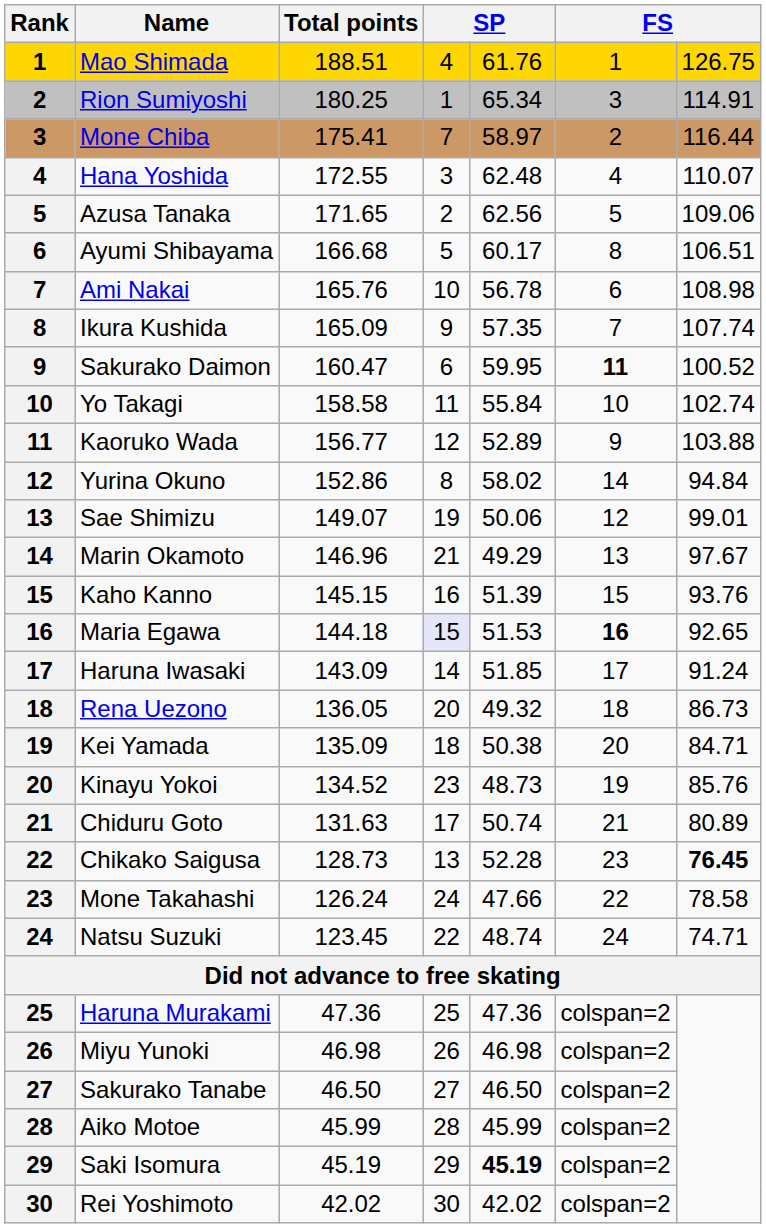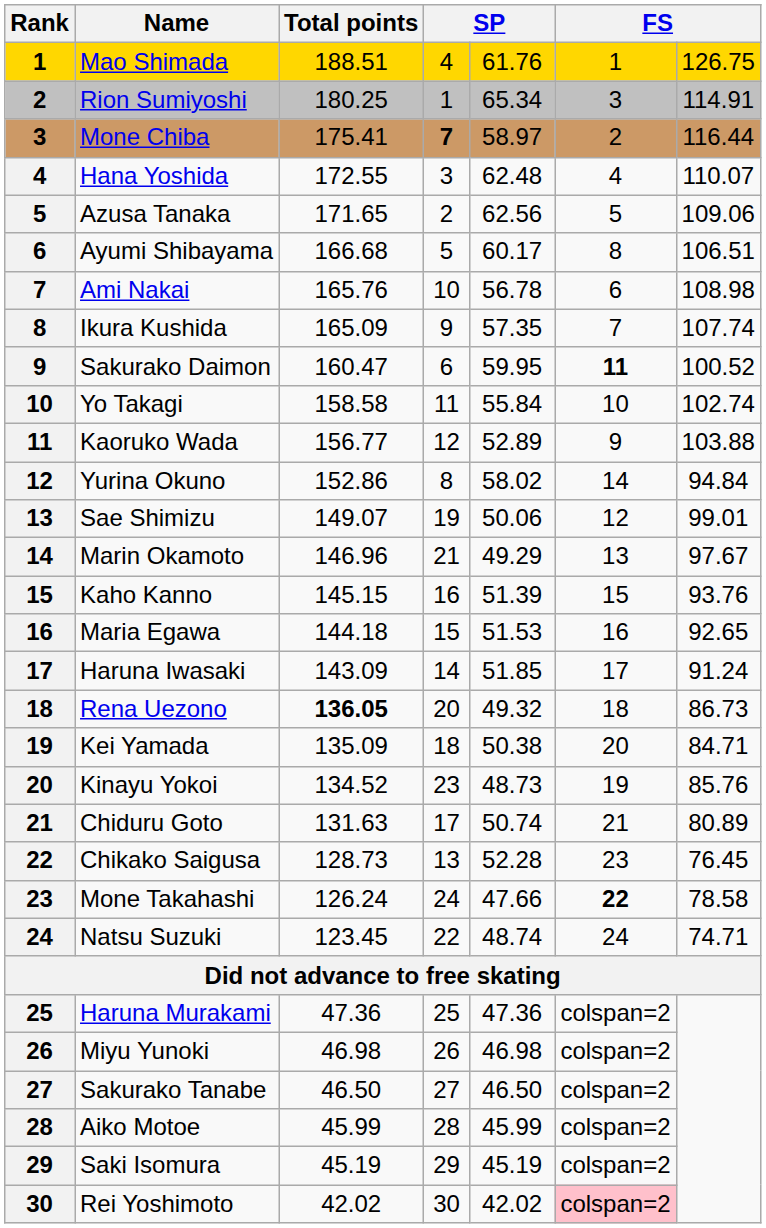 <table class="wikitable sortable">
 <tr>
 <th>Rank</th>
 <th>Name</th>
 <th>Total points</th>
 <th colspan="2" width="80px"><a href='#'>SP</a></th>
 <th colspan="2" width="80px"><a href='#'>FS</a></th>
 </tr>
 <tr bgcolor="gold">
 <td align="center"><strong>1</strong></td>
 <td><a href='#'>Mao Shimada</a></td>
 <td align="center">188.51</td>
 <td align="center">4</td>
 <td align="center">61.76</td>
 <td align="center">1</td>
 <td align="center">126.75</td>
 </tr>
 <tr bgcolor="silver">
 <td align="center"><strong>2</strong></td>
 <td><a href='#'>Rion Sumiyoshi</a></td>
 <td align="center">180.25</td>
 <td align="center">1</td>
 <td align="center">65.34</td>
 <td align="center">3</td>
 <td align="center">114.91</td>
 </tr>
 <tr bgcolor="cc9966">
 <td align="center"><strong>3</strong></td>
 <td><a href='#'>Mone Chiba</a></td>
 <td align="center">175.41</td>
-<td align="center">7</td>
+<td align="center"><strong>7</strong></td>
 <td align="center">58.97</td>
 <td align="center">2</td>
 <td align="center">116.44</td>
 </tr>
 <tr>
 <th>4</th>
 <td><a href='#'>Hana Yoshida</a></td>
 <td align="center">172.55</td>
 <td align="center">3</td>
 <td align="center">62.48</td>
 <td align="center">4</td>
 <td align="center">110.07</td>
 </tr>
 <tr>
 <th>5</th>
 <td>Azusa Tanaka</td>
 <td align="center">171.65</td>
 <td align="center">2</td>
 <td align="center">62.56</td>
 <td align="center">5</td>
 <td align="center">109.06</td>
 </tr>
 <tr>
 <th>6</th>
 <td>Ayumi Shibayama</td>
 <td align="center">166.68</td>
 <td align="center">5</td>
 <td align="center">60.17</td>
 <td align="center">8</td>
 <td align="center">106.51</td>
 </tr>
 <tr>
 <th>7</th>
 <td><a href='#'>Ami Nakai</a></td>
 <td align="center">165.76</td>
 <td align="center">10</td>
 <td align="center">56.78</td>
 <td align="center">6</td>
 <td align="center">108.98</td>
 </tr>
 <tr>
 <th>8</th>
 <td>Ikura Kushida</td>
 <td align="center">165.09</td>
 <td align="center">9</td>
 <td align="center">57.35</td>
 <td align="center">7</td>
 <td align="center">107.74</td>
 </tr>
 <tr>
 <th>9</th>
 <td>Sakurako Daimon</td>
 <td align="center">160.47</td>
 <td align="center">6</td>
 <td align="center">59.95</td>
 <td align="center"><strong>11</strong></td>
 <td align="center">100.52</td>
 </tr>
 <tr>
 <th>10</th>
 <td>Yo Takagi</td>
 <td align="center">158.58</td>
 <td align="center">11</td>
 <td align="center">55.84</td>
 <td align="center">10</td>
 <td align="center">102.74</td>
 </tr>
 <tr>
 <th>11</th>
 <td>Kaoruko Wada</td>
 <td align="center">156.77</td>
 <td align="center">12</td>
 <td align="center">52.89</td>
 <td align="center">9</td>
 <td align="center">103.88</td>
 </tr>
 <tr>
 <th>12</th>
 <td>Yurina Okuno</td>
 <td align="center">152.86</td>
 <td align="center">8</td>
 <td align="center">58.02</td>
 <td align="center">14</td>
 <td align="center">94.84</td>
 </tr>
 <tr>
 <th>13</th>
 <td>Sae Shimizu</td>
 <td align="center">149.07</td>
 <td align="center">19</td>
 <td align="center">50.06</td>
 <td align="center">12</td>
 <td align="center">99.01</td>
 </tr>
 <tr>
 <th>14</th>
 <td>Marin Okamoto</td>
 <td align="center">146.96</td>
 <td align="center">21</td>
 <td align="center">49.29</td>
 <td align="center">13</td>
 <td align="center">97.67</td>
 </tr>
 <tr>
 <th>15</th>
 <td>Kaho Kanno</td>
 <td align="center">145.15</td>
 <td align="center">16</td>
 <td align="center">51.39</td>
 <td align="center">15</td>
 <td align="center">93.76</td>
 </tr>
 <tr>
 <th>16</th>
 <td>Maria Egawa</td>
 <td align="center">144.18</td>
-<td align="center" style="background: lavender;">15</td>
+<td align="center">15</td>
 <td align="center">51.53</td>
-<td align="center"><strong>16</strong></td>
+<td align="center">16</td>
 <td align="center">92.65</td>
 </tr>
 <tr>
 <th>17</th>
 <td>Haruna Iwasaki</td>
 <td align="center">143.09</td>
 <td align="center">14</td>
 <td align="center">51.85</td>
 <td align="center">17</td>
 <td align="center">91.24</td>
 </tr>
 <tr>
 <th>18</th>
 <td><a href='#'>Rena Uezono</a></td>
-<td align="center">136.05</td>
+<td align="center"><strong>136.05</strong></td>
 <td align="center">20</td>
 <td align="center">49.32</td>
 <td align="center">18</td>
 <td align="center">86.73</td>
 </tr>
 <tr>
 <th>19</th>
 <td>Kei Yamada</td>
 <td align="center">135.09</td>
 <td align="center">18</td>
 <td align="center">50.38</td>
 <td align="center">20</td>
 <td align="center">84.71</td>
 </tr>
 <tr>
 <th>20</th>
 <td>Kinayu Yokoi</td>
 <td align="center">134.52</td>
 <td align="center">23</td>
 <td align="center">48.73</td>
 <td align="center">19</td>
 <td align="center">85.76</td>
 </tr>
 <tr>
 <th>21</th>
 <td>Chiduru Goto</td>
 <td align="center">131.63</td>
 <td align="center">17</td>
 <td align="center">50.74</td>
 <td align="center">21</td>
 <td align="center">80.89</td>
 </tr>
 <tr>
 <th>22</th>
 <td>Chikako Saigusa</td>
 <td align="center">128.73</td>
 <td align="center">13</td>
 <td align="center">52.28</td>
 <td align="center">23</td>
-<td align="center"><strong>76.45</strong></td>
+<td align="center">76.45</td>
 </tr>
 <tr>
 <th>23</th>
 <td>Mone Takahashi</td>
 <td align="center">126.24</td>
 <td align="center">24</td>
 <td align="center">47.66</td>
-<td align="center">22</td>
+<td align="center"><strong>22</strong></td>
 <td align="center">78.58</td>
 </tr>
 <tr>
 <th>24</th>
 <td>Natsu Suzuki</td>
 <td align="center">123.45</td>
 <td align="center">22</td>
 <td align="center">48.74</td>
 <td align="center">24</td>
 <td align="center">74.71</td>
 </tr>
 <tr>
 <th colspan=8>Did not advance to free skating</th>
 </tr>
 <tr>
 <th>25</th>
 <td><a href='#'>Haruna Murakami</a></td>
 <td align="center">47.36</td>
 <td align="center">25</td>
 <td align="center">47.36</td>
 <td>colspan=2 </td>
 </tr>
 <tr>
 <th>26</th>
 <td>Miyu Yunoki</td>
 <td align="center">46.98</td>
 <td align="center">26</td>
 <td align="center">46.98</td>
 <td>colspan=2 </td>
 </tr>
 <tr>
 <th>27</th>
 <td>Sakurako Tanabe</td>
 <td align="center">46.50</td>
 <td align="center">27</td>
 <td align="center">46.50</td>
 <td>colspan=2 </td>
 </tr>
 <tr>
 <th>28</th>
 <td>Aiko Motoe</td>
 <td align="center">45.99</td>
 <td align="center">28</td>
 <td align="center">45.99</td>
 <td>colspan=2 </td>
 </tr>
 <tr>
 <th>29</th>
 <td>Saki Isomura</td>
 <td align="center">45.19</td>
 <td align="center">29</td>
-<td align="center"><strong>45.19</strong></td>
+<td align="center">45.19</td>
 <td>colspan=2 </td>
 </tr>
 <tr>
 <th>30</th>
 <td>Rei Yoshimoto</td>
 <td align="center">42.02</td>
 <td align="center">30</td>
 <td align="center">42.02</td>
-<td>colspan=2 </td>
+<td style="background: pink;">colspan=2 </td>
 </tr>
 </table>
